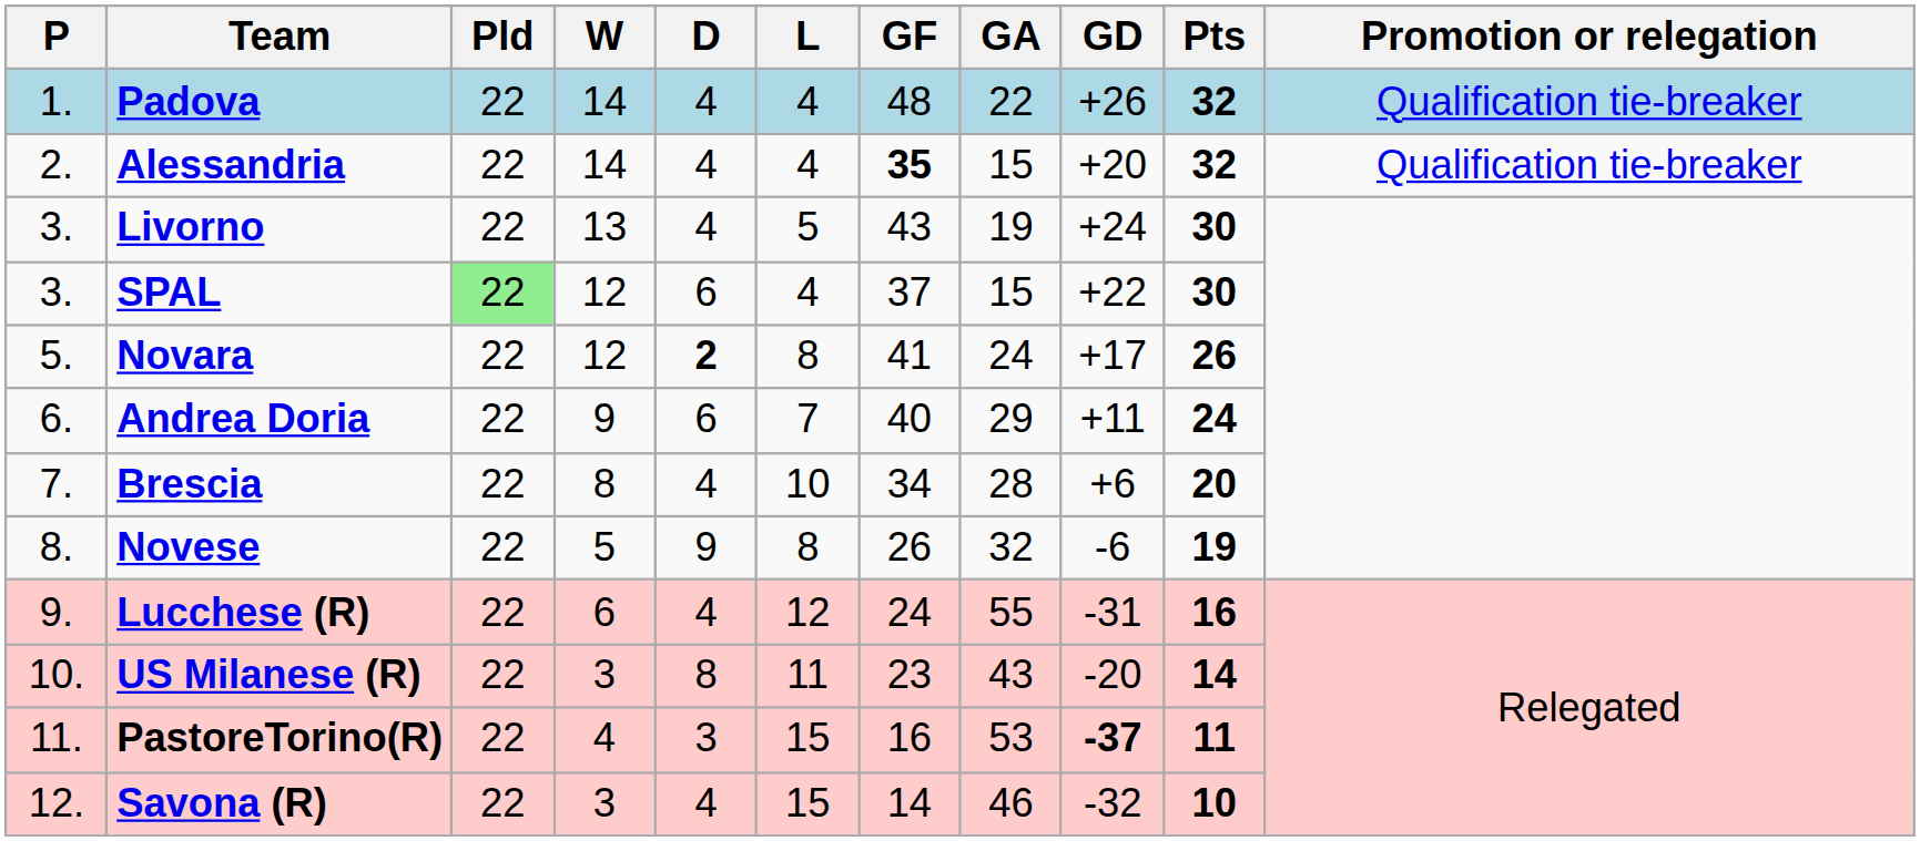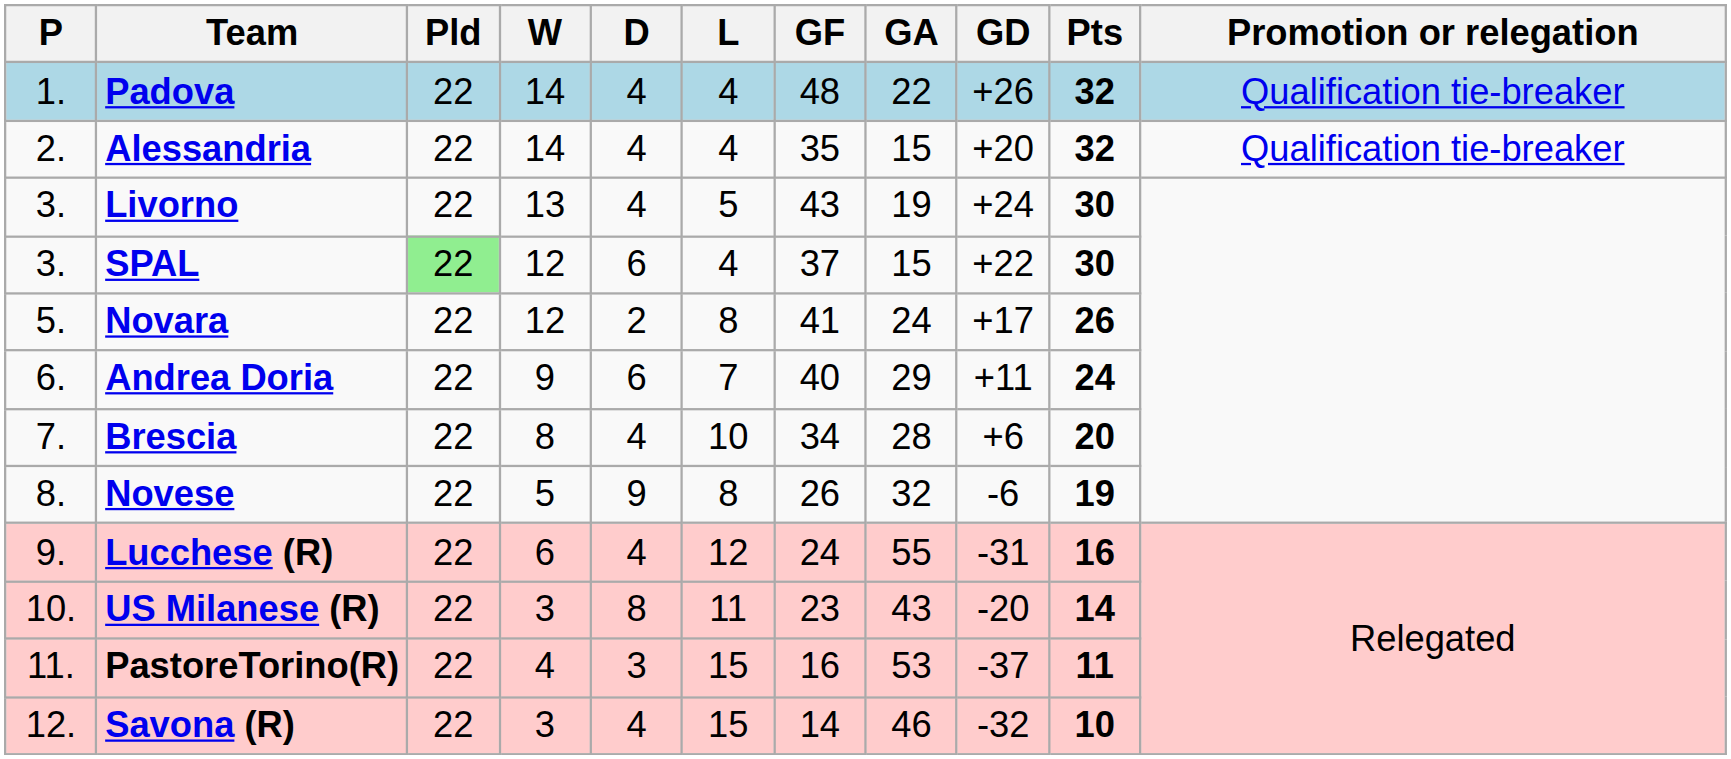 <table class="wikitable sortable" style="text-align: center;">
 <tr>
 <th width=33>P<br></th>
 <th>Team<br></th>
 <th width=33>Pld<br></th>
 <th width=33>W<br></th>
 <th width=33>D<br></th>
 <th width=33>L<br></th>
 <th width=33>GF<br></th>
 <th width=33>GA<br></th>
 <th width=33>GD<br></th>
 <th width=33>Pts<br></th>
 <th class="unsortable" width=250>Promotion or relegation<br></th>
 </tr>
 <tr style="background: lightblue;">
 <td>1.</td>
 <td align="left"><strong><a href='#'>Padova</a></strong></td>
 <td>22</td>
 <td>14</td>
 <td>4</td>
 <td>4</td>
 <td>48</td>
 <td>22</td>
 <td>+26</td>
 <td><strong>32</strong></td>
 <td rowspan="1"><a href='#'>Qualification tie-breaker</a></td>
 </tr>
 <tr>
 <td>2.</td>
 <td align="left"><strong><a href='#'>Alessandria</a></strong></td>
 <td>22</td>
 <td>14</td>
 <td>4</td>
 <td>4</td>
-<td><strong>35</strong></td>
+<td>35</td>
 <td>15</td>
 <td>+20</td>
 <td><strong>32</strong></td>
 <td rowspan="1"><a href='#'>Qualification tie-breaker</a></td>
 </tr>
 <tr>
 <td>3.</td>
 <td align="left"><strong><a href='#'>Livorno</a></strong></td>
 <td>22</td>
 <td>13</td>
 <td>4</td>
 <td>5</td>
 <td>43</td>
 <td>19</td>
 <td>+24</td>
 <td><strong>30</strong></td>
 </tr>
 <tr>
 <td>3.</td>
 <td align="left"><strong><a href='#'>SPAL</a></strong></td>
 <td style="background: lightgreen;">22</td>
 <td>12</td>
 <td>6</td>
 <td>4</td>
 <td>37</td>
 <td>15</td>
 <td>+22</td>
 <td><strong>30</strong></td>
 </tr>
 <tr>
 <td>5.</td>
 <td align="left"><strong><a href='#'>Novara</a></strong></td>
 <td>22</td>
 <td>12</td>
-<td><strong>2</strong></td>
+<td>2</td>
 <td>8</td>
 <td>41</td>
 <td>24</td>
 <td>+17</td>
 <td><strong>26</strong></td>
 </tr>
 <tr>
 <td>6.</td>
 <td align="left"><strong><a href='#'>Andrea Doria</a></strong></td>
 <td>22</td>
 <td>9</td>
 <td>6</td>
 <td>7</td>
 <td>40</td>
 <td>29</td>
 <td>+11</td>
 <td><strong>24</strong></td>
 </tr>
 <tr>
 <td>7.</td>
 <td align="left"><strong><a href='#'>Brescia</a></strong></td>
 <td>22</td>
 <td>8</td>
 <td>4</td>
 <td>10</td>
 <td>34</td>
 <td>28</td>
 <td>+6</td>
 <td><strong>20</strong></td>
 </tr>
 <tr>
 <td>8.</td>
 <td align="left"><strong><a href='#'>Novese</a></strong></td>
 <td>22</td>
 <td>5</td>
 <td>9</td>
 <td>8</td>
 <td>26</td>
 <td>32</td>
 <td>-6</td>
 <td><strong>19</strong></td>
 </tr>
 <tr style="background:#FFCCCC">
 <td>9.</td>
 <td align="left"><strong><a href='#'>Lucchese</a> (R)</strong></td>
 <td>22</td>
 <td>6</td>
 <td>4</td>
 <td>12</td>
 <td>24</td>
 <td>55</td>
 <td>-31</td>
 <td><strong>16</strong></td>
 <td rowspan="4">Relegated</td>
 </tr>
 <tr style="background:#FFCCCC">
 <td>10.</td>
 <td align="left"><strong><a href='#'>US Milanese</a> (R)</strong></td>
 <td>22</td>
 <td>3</td>
 <td>8</td>
 <td>11</td>
 <td>23</td>
 <td>43</td>
 <td>-20</td>
 <td><strong>14</strong></td>
 </tr>
 <tr style="background:#FFCCCC">
 <td>11.</td>
 <td align="left"><strong>PastoreTorino(R)</strong></td>
 <td>22</td>
 <td>4</td>
 <td>3</td>
 <td>15</td>
 <td>16</td>
 <td>53</td>
-<td><strong>-37</strong></td>
+<td>-37</td>
 <td><strong>11</strong></td>
 </tr>
 <tr style="background:#FFCCCC">
 <td>12.</td>
 <td align="left"><strong><a href='#'>Savona</a> (R)</strong></td>
 <td>22</td>
 <td>3</td>
 <td>4</td>
 <td>15</td>
 <td>14</td>
 <td>46</td>
 <td>-32</td>
 <td><strong>10</strong></td>
 </tr>
 </table>
